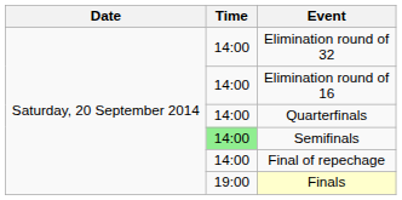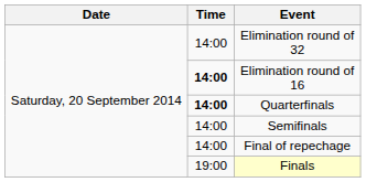 <table class = "wikitable" style="text-align:center;">
 <tr>
 <th width=220>Date</th>
 <th width=50>Time</th>
 <th width=150>Event</th>
 </tr>
 <tr>
 <td rowspan=6>Saturday, 20 September 2014</td>
 <td>14:00</td>
 <td>Elimination round of 32</td>
 </tr>
 <tr>
-<td>14:00</td>
+<td><strong>14:00</strong></td>
 <td>Elimination round of 16</td>
 </tr>
 <tr>
-<td>14:00</td>
+<td><strong>14:00</strong></td>
 <td>Quarterfinals</td>
 </tr>
 <tr>
-<td style="background: lightgreen;">14:00</td>
+<td>14:00</td>
 <td>Semifinals</td>
 </tr>
 <tr>
 <td>14:00</td>
 <td>Final of repechage</td>
 </tr>
 <tr>
 <td>19:00</td>
 <td bgcolor=ffffcc>Finals</td>
 </tr>
 </table>
